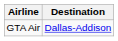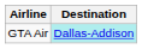 <table class="wikitable">
 <tr>
 <th>Airline</th>
 <th>Destination</th>
 </tr>
 <tr>
 <td>GTA Air</td>
-<td><a href='#'>Dallas-Addison</a></td>
+<td style="background: paleturquoise;"><a href='#'>Dallas-Addison</a></td>
 </tr>
 </table>
